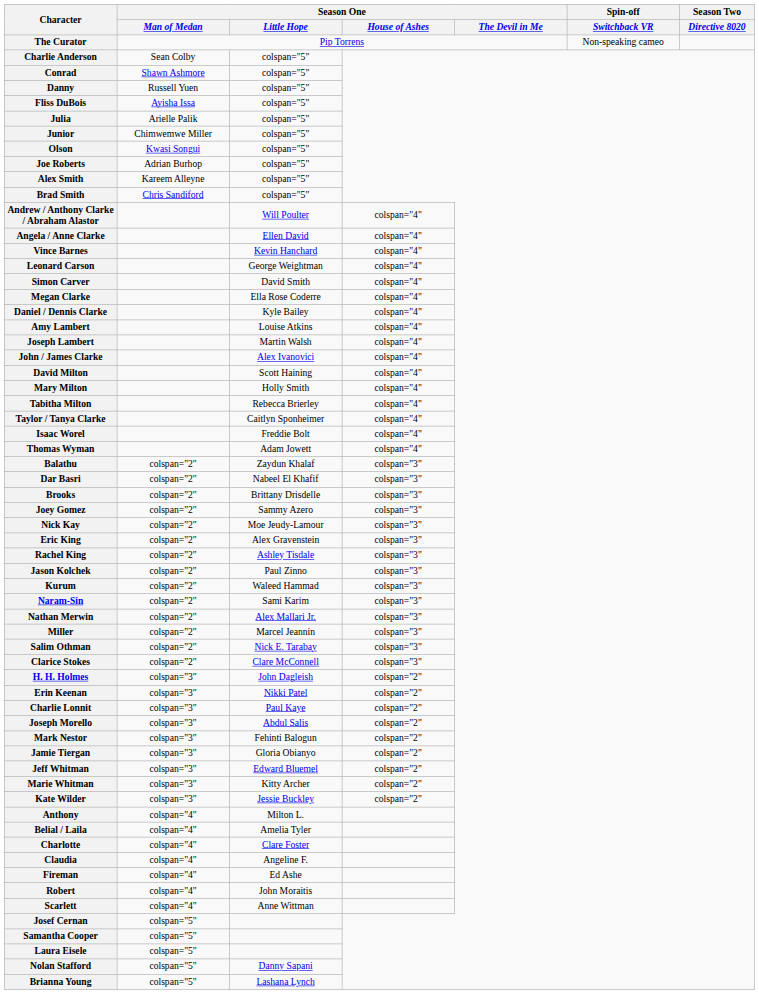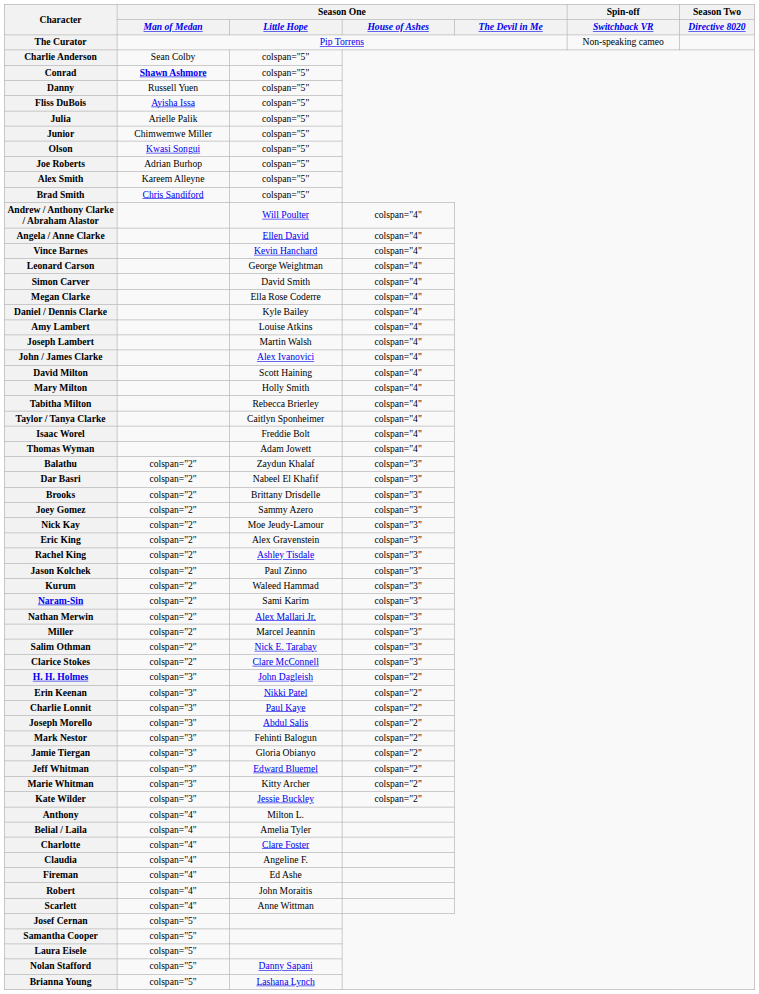 <table class="wikitable" style="text-align:center; width:99%;">
 <tr>
 <th rowspan="2" style="width:15%;">Character</th>
 <th colspan="4">Season One</th>
 <th>Spin-off</th>
 <th colspan="4">Season Two</th>
 </tr>
 <tr>
 <th style="width:15%;"><em><a href='#'>Man of Medan</a></em><br></th>
 <th style="width:15%;"><em><a href='#'>Little Hope</a></em><br></th>
 <th style="width:15%;"><em><a href='#'>House of Ashes</a></em><br></th>
 <th style="width:15%;"><em><a href='#'>The Devil in Me</a></em><br></th>
 <th style="width:15%;"><em><a href='#'>Switchback VR</a></em><br></th>
 <th style="width:15%;"><em><a href='#'>Directive 8020</a></em><br></th>
 </tr>
 <tr>
 <th>The Curator</th>
 <td colspan="4"><a href='#'>Pip Torrens</a></td>
 <td>Non-speaking cameo</td>
 <td></td>
 </tr>
 <tr>
 <th>Charlie Anderson</th>
 <td>Sean Colby</td>
 <td>colspan="5" </td>
 </tr>
 <tr>
 <th>Conrad</th>
-<td><a href='#'>Shawn Ashmore</a></td>
+<td><strong><a href='#'>Shawn Ashmore</a></strong></td>
 <td>colspan="5" </td>
 </tr>
 <tr>
 <th>Danny</th>
 <td>Russell Yuen</td>
 <td>colspan="5" </td>
 </tr>
 <tr>
 <th>Fliss DuBois</th>
 <td><a href='#'>Ayisha Issa</a></td>
 <td>colspan="5" </td>
 </tr>
 <tr>
 <th>Julia</th>
 <td>Arielle Palik</td>
 <td>colspan="5" </td>
 </tr>
 <tr>
 <th>Junior</th>
 <td>Chimwemwe Miller</td>
 <td>colspan="5" </td>
 </tr>
 <tr>
 <th>Olson</th>
 <td><a href='#'>Kwasi Songui</a></td>
 <td>colspan="5" </td>
 </tr>
 <tr>
 <th>Joe Roberts</th>
 <td>Adrian Burhop</td>
 <td>colspan="5" </td>
 </tr>
 <tr>
 <th>Alex Smith</th>
 <td>Kareem Alleyne</td>
 <td>colspan="5" </td>
 </tr>
 <tr>
 <th>Brad Smith</th>
 <td><a href='#'>Chris Sandiford</a></td>
 <td>colspan="5" </td>
 </tr>
 <tr>
 <th>Andrew / Anthony Clarke / Abraham Alastor</th>
 <td></td>
 <td><a href='#'>Will Poulter</a></td>
 <td>colspan="4" </td>
 </tr>
 <tr>
 <th>Angela / Anne Clarke</th>
 <td></td>
 <td><a href='#'>Ellen David</a></td>
 <td>colspan="4" </td>
 </tr>
 <tr>
 <th>Vince Barnes</th>
 <td></td>
 <td><a href='#'>Kevin Hanchard</a></td>
 <td>colspan="4" </td>
 </tr>
 <tr>
 <th>Leonard Carson</th>
 <td></td>
 <td>George Weightman</td>
 <td>colspan="4" </td>
 </tr>
 <tr>
 <th>Simon Carver</th>
 <td></td>
 <td>David Smith</td>
 <td>colspan="4" </td>
 </tr>
 <tr>
 <th>Megan Clarke</th>
 <td></td>
 <td>Ella Rose Coderre</td>
 <td>colspan="4" </td>
 </tr>
 <tr>
 <th>Daniel / Dennis Clarke</th>
 <td></td>
 <td>Kyle Bailey</td>
 <td>colspan="4" </td>
 </tr>
 <tr>
 <th>Amy Lambert</th>
 <td></td>
 <td>Louise Atkins</td>
 <td>colspan="4" </td>
 </tr>
 <tr>
 <th>Joseph Lambert</th>
 <td></td>
 <td>Martin Walsh</td>
 <td>colspan="4" </td>
 </tr>
 <tr>
 <th>John / James Clarke</th>
 <td></td>
 <td><a href='#'>Alex Ivanovici</a></td>
 <td>colspan="4" </td>
 </tr>
 <tr>
 <th>David Milton</th>
 <td></td>
 <td>Scott Haining</td>
 <td>colspan="4" </td>
 </tr>
 <tr>
 <th>Mary Milton</th>
 <td></td>
 <td>Holly Smith</td>
 <td>colspan="4" </td>
 </tr>
 <tr>
 <th>Tabitha Milton</th>
 <td></td>
 <td>Rebecca Brierley</td>
 <td>colspan="4" </td>
 </tr>
 <tr>
 <th>Taylor / Tanya Clarke</th>
 <td></td>
 <td>Caitlyn Sponheimer</td>
 <td>colspan="4" </td>
 </tr>
 <tr>
 <th>Isaac Worel</th>
 <td></td>
 <td>Freddie Bolt</td>
 <td>colspan="4" </td>
 </tr>
 <tr>
 <th>Thomas Wyman</th>
 <td></td>
 <td>Adam Jowett</td>
 <td>colspan="4" </td>
 </tr>
 <tr>
 <th>Balathu</th>
 <td>colspan="2" </td>
 <td>Zaydun Khalaf</td>
 <td>colspan="3" </td>
 </tr>
 <tr>
 <th>Dar Basri</th>
 <td>colspan="2" </td>
 <td>Nabeel El Khafif</td>
 <td>colspan="3" </td>
 </tr>
 <tr>
 <th>Brooks</th>
 <td>colspan="2" </td>
 <td>Brittany Drisdelle</td>
 <td>colspan="3" </td>
 </tr>
 <tr>
 <th>Joey Gomez</th>
 <td>colspan="2" </td>
 <td>Sammy Azero</td>
 <td>colspan="3" </td>
 </tr>
 <tr>
 <th>Nick Kay</th>
 <td>colspan="2" </td>
 <td>Moe Jeudy-Lamour</td>
 <td>colspan="3" </td>
 </tr>
 <tr>
 <th>Eric King</th>
 <td>colspan="2" </td>
 <td>Alex Gravenstein</td>
 <td>colspan="3" </td>
 </tr>
 <tr>
 <th>Rachel King</th>
 <td>colspan="2" </td>
 <td><a href='#'>Ashley Tisdale</a></td>
 <td>colspan="3" </td>
 </tr>
 <tr>
 <th>Jason Kolchek</th>
 <td>colspan="2" </td>
 <td>Paul Zinno</td>
 <td>colspan="3" </td>
 </tr>
 <tr>
 <th>Kurum</th>
 <td>colspan="2" </td>
 <td>Waleed Hammad</td>
 <td>colspan="3" </td>
 </tr>
 <tr>
 <th><a href='#'>Naram-Sin</a></th>
 <td>colspan="2" </td>
 <td>Sami Karim</td>
 <td>colspan="3" </td>
 </tr>
 <tr>
 <th>Nathan Merwin</th>
 <td>colspan="2" </td>
 <td><a href='#'>Alex Mallari Jr.</a></td>
 <td>colspan="3" </td>
 </tr>
 <tr>
 <th>Miller</th>
 <td>colspan="2" </td>
 <td>Marcel Jeannin</td>
 <td>colspan="3" </td>
 </tr>
 <tr>
 <th>Salim Othman</th>
 <td>colspan="2" </td>
 <td><a href='#'>Nick E. Tarabay</a></td>
 <td>colspan="3" </td>
 </tr>
 <tr>
 <th>Clarice Stokes</th>
 <td>colspan="2" </td>
 <td><a href='#'>Clare McConnell</a></td>
 <td>colspan="3" </td>
 </tr>
 <tr>
 <th><a href='#'>H. H. Holmes</a></th>
 <td>colspan="3" </td>
 <td><a href='#'>John Dagleish</a></td>
 <td>colspan="2" </td>
 </tr>
 <tr>
 <th>Erin Keenan</th>
 <td>colspan="3" </td>
 <td><a href='#'>Nikki Patel</a></td>
 <td>colspan="2" </td>
 </tr>
 <tr>
 <th>Charlie Lonnit</th>
 <td>colspan="3" </td>
 <td><a href='#'>Paul Kaye</a></td>
 <td>colspan="2" </td>
 </tr>
 <tr>
 <th>Joseph Morello</th>
 <td>colspan="3" </td>
 <td><a href='#'>Abdul Salis</a></td>
 <td>colspan="2" </td>
 </tr>
 <tr>
 <th>Mark Nestor</th>
 <td>colspan="3" </td>
 <td>Fehinti Balogun</td>
 <td>colspan="2" </td>
 </tr>
 <tr>
 <th>Jamie Tiergan</th>
 <td>colspan="3" </td>
 <td>Gloria Obianyo</td>
 <td>colspan="2" </td>
 </tr>
 <tr>
 <th>Jeff Whitman</th>
 <td>colspan="3" </td>
 <td><a href='#'>Edward Bluemel</a></td>
 <td>colspan="2" </td>
 </tr>
 <tr>
 <th>Marie Whitman</th>
 <td>colspan="3" </td>
 <td>Kitty Archer</td>
 <td>colspan="2" </td>
 </tr>
 <tr>
 <th>Kate Wilder</th>
 <td>colspan="3" </td>
 <td><a href='#'>Jessie Buckley</a></td>
 <td>colspan="2" </td>
 </tr>
 <tr>
 <th>Anthony</th>
 <td>colspan="4" </td>
 <td>Milton L.</td>
 <td></td>
 </tr>
 <tr>
 <th>Belial / Laila</th>
 <td>colspan="4" </td>
 <td>Amelia Tyler</td>
 <td></td>
 </tr>
 <tr>
 <th>Charlotte</th>
 <td>colspan="4" </td>
 <td><a href='#'>Clare Foster</a></td>
 <td></td>
 </tr>
 <tr>
 <th>Claudia</th>
 <td>colspan="4" </td>
 <td>Angeline F.</td>
 <td></td>
 </tr>
 <tr>
 <th>Fireman</th>
 <td>colspan="4" </td>
 <td>Ed Ashe</td>
 <td></td>
 </tr>
 <tr>
 <th>Robert</th>
 <td>colspan="4" </td>
 <td>John Moraitis</td>
 <td></td>
 </tr>
 <tr>
 <th>Scarlett</th>
 <td>colspan="4" </td>
 <td>Anne Wittman</td>
 <td></td>
 </tr>
 <tr>
 <th>Josef Cernan</th>
 <td>colspan="5" </td>
 <td></td>
 </tr>
 <tr>
 <th>Samantha Cooper</th>
 <td>colspan="5" </td>
 <td></td>
 </tr>
 <tr>
 <th>Laura Eisele</th>
 <td>colspan="5" </td>
 <td></td>
 </tr>
 <tr>
 <th>Nolan Stafford</th>
 <td>colspan="5" </td>
 <td><a href='#'>Danny Sapani</a></td>
 </tr>
 <tr>
 <th>Brianna Young</th>
 <td>colspan="5" </td>
 <td><a href='#'>Lashana Lynch</a></td>
 </tr>
 </table>
